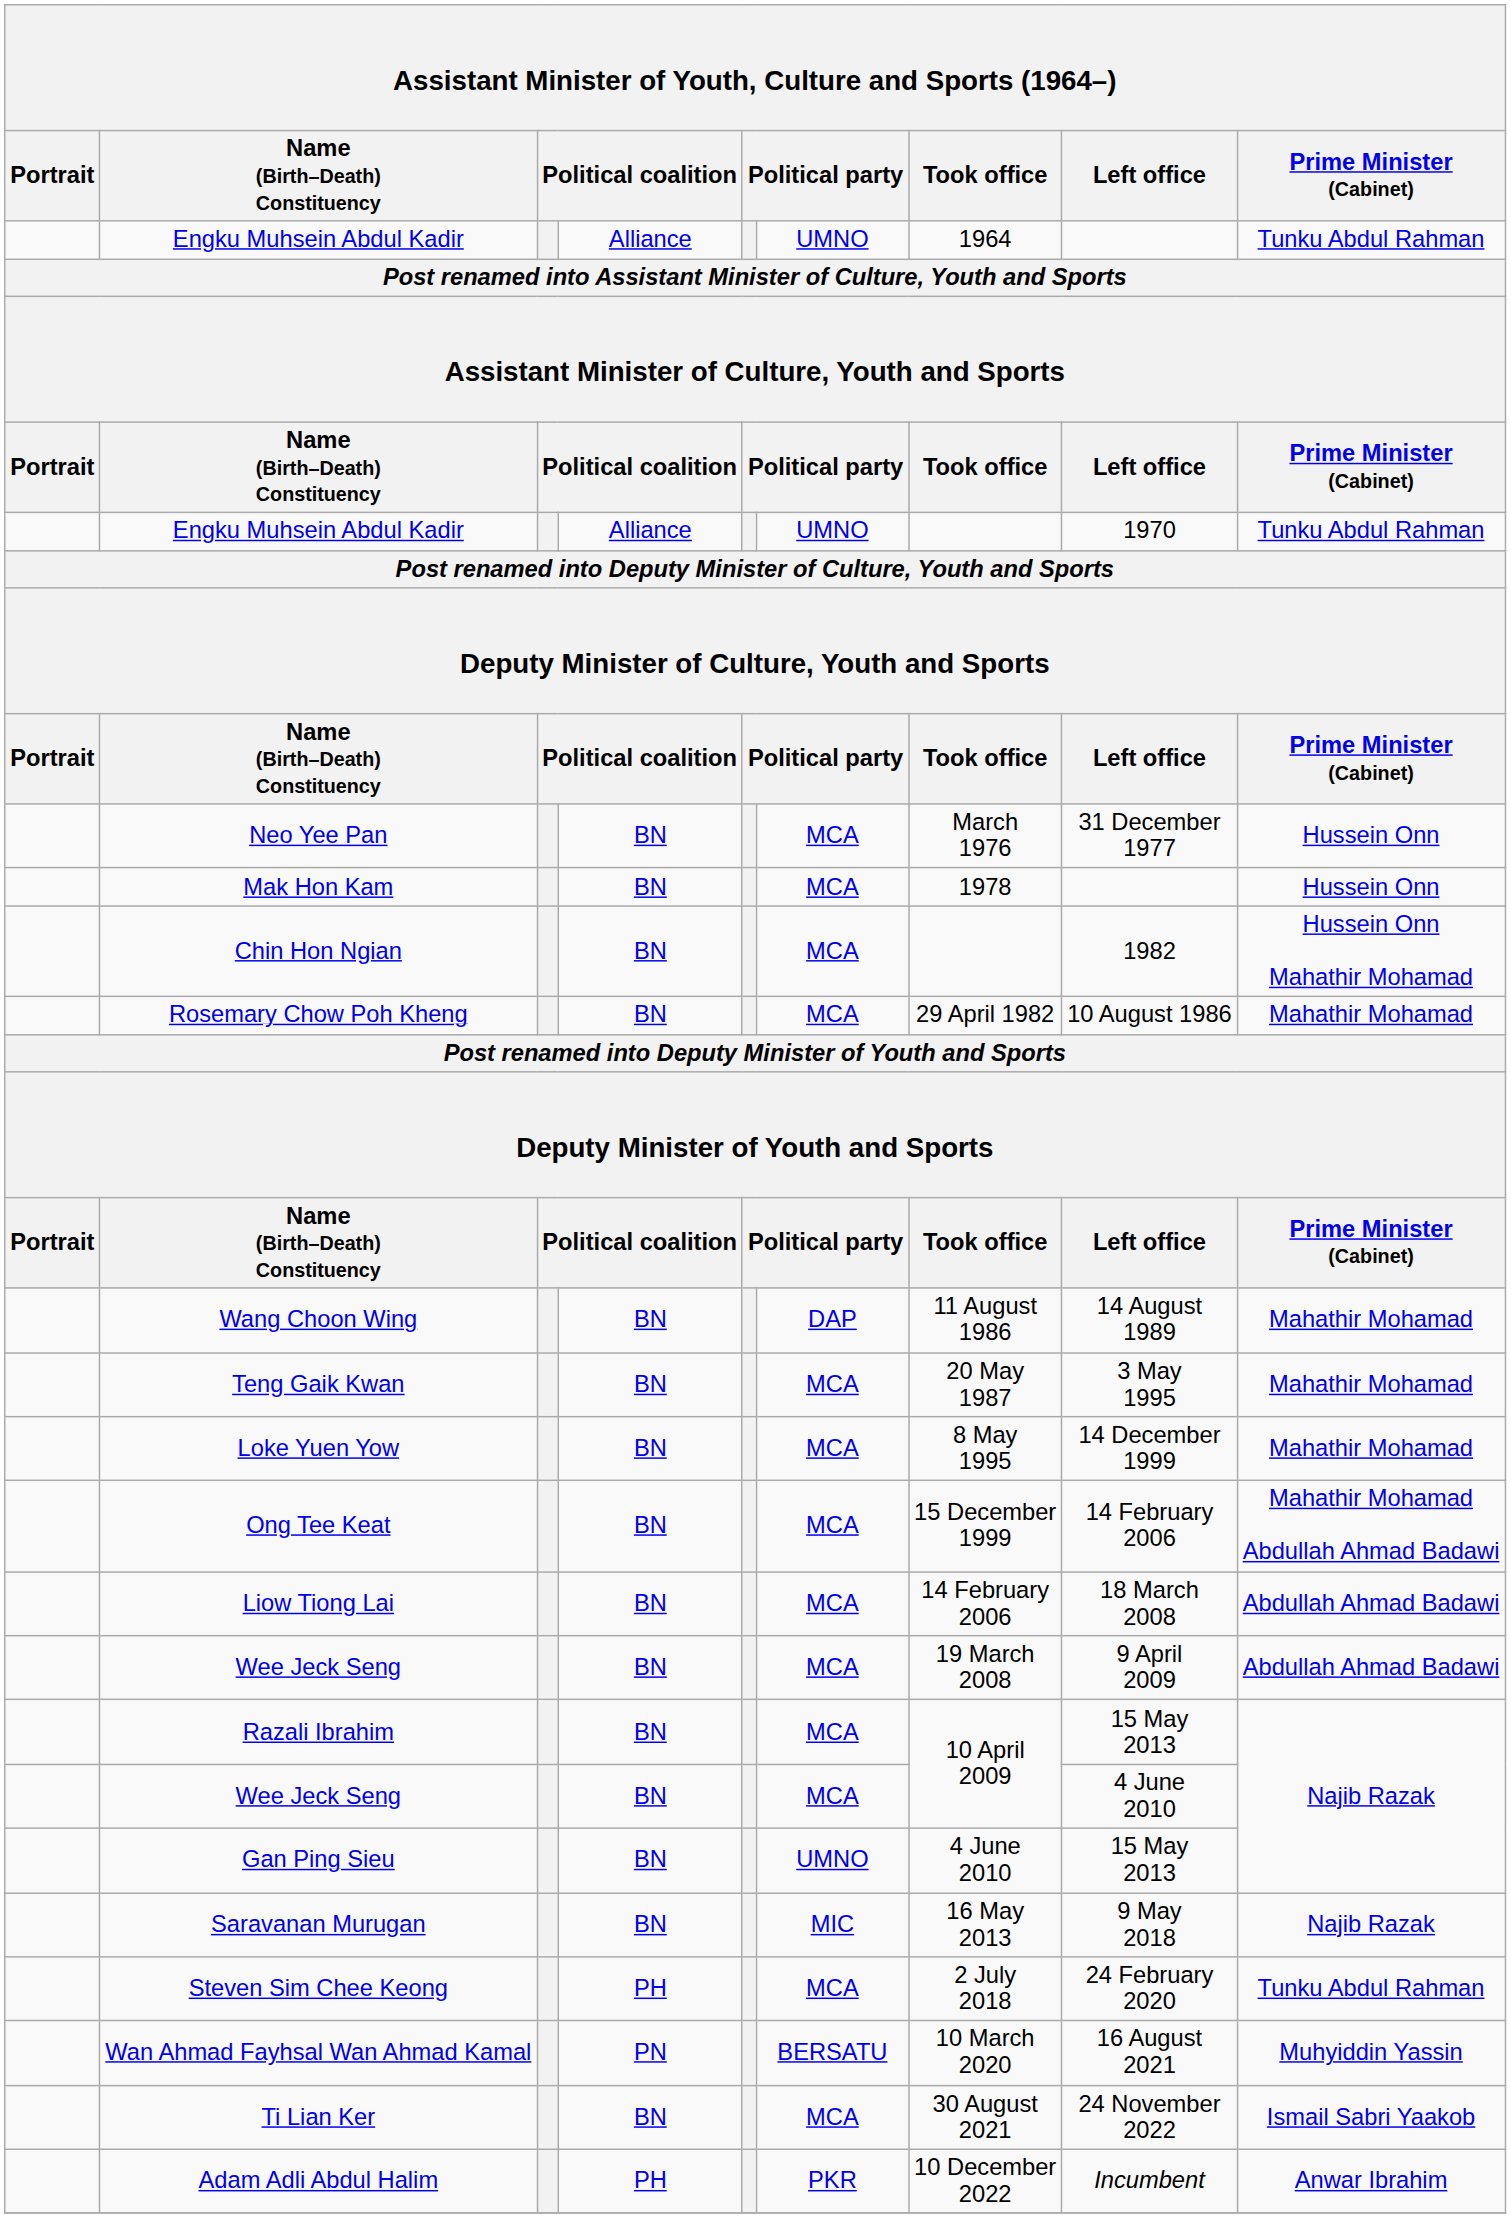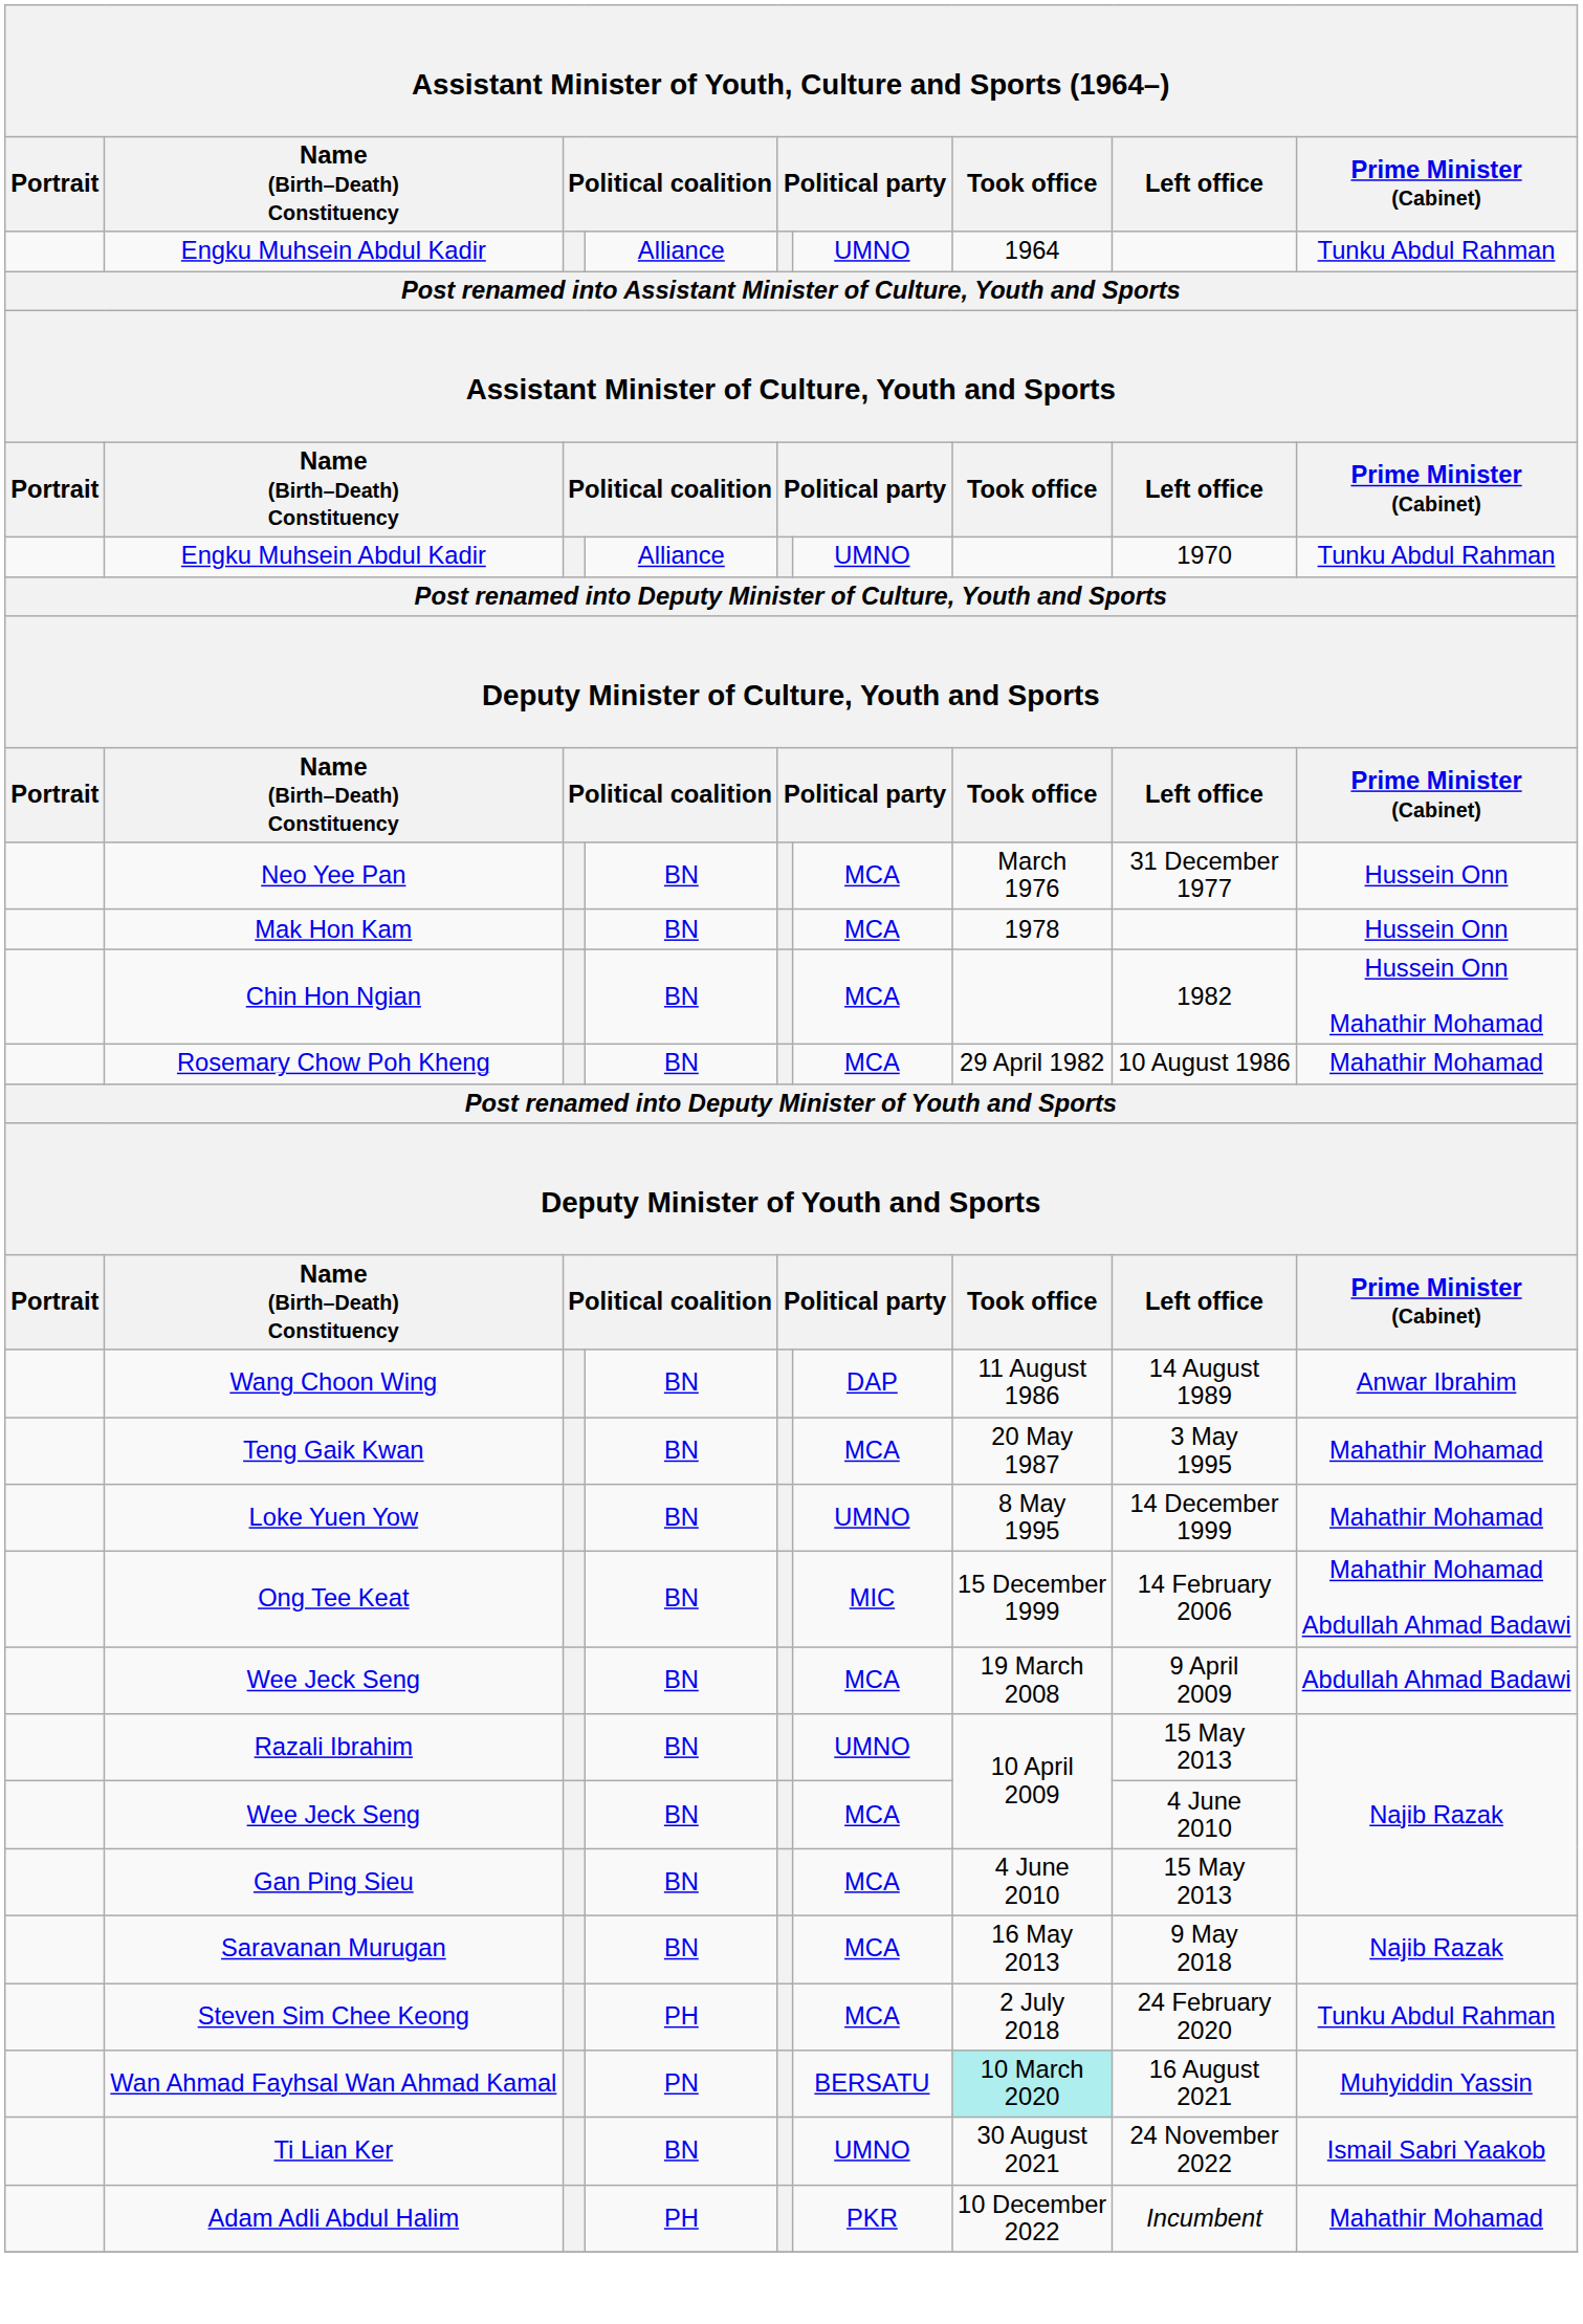 <table class="wikitable" style="text-align:center;">
 <tr>
 <th colspan="9"><br><h3>Assistant Minister of Youth, Culture and Sports (1964–)</h3></th>
 </tr>
 <tr>
 <th>Portrait</th>
 <th>Name<br><small>(Birth–Death)<br>Constituency</small></th>
 <th colspan="2">Political coalition</th>
 <th colspan="2">Political party</th>
 <th>Took office</th>
 <th>Left office</th>
 <th><a href='#'>Prime Minister</a><br><small>(Cabinet)</small></th>
 </tr>
 <tr>
 <td></td>
 <td><a href='#'>Engku Muhsein Abdul Kadir</a><br></td>
 <th style="background:"></th>
 <td><a href='#'>Alliance</a></td>
 <th style="background:"></th>
 <td><a href='#'>UMNO</a></td>
 <td>1964</td>
 <td></td>
 <td><a href='#'>Tunku Abdul Rahman</a><br></td>
 </tr>
 <tr>
 <th colspan="9"><em>Post renamed into Assistant Minister of Culture, Youth and Sports</em></th>
 </tr>
 <tr>
 <th colspan="9"><br><h3>Assistant Minister of Culture, Youth and Sports</h3></th>
 </tr>
 <tr>
 <th>Portrait</th>
 <th>Name<br><small>(Birth–Death)<br>Constituency</small></th>
 <th colspan="2">Political coalition</th>
 <th colspan="2">Political party</th>
 <th>Took office</th>
 <th>Left office</th>
 <th><a href='#'>Prime Minister</a><br><small>(Cabinet)</small></th>
 </tr>
 <tr>
 <td></td>
 <td><a href='#'>Engku Muhsein Abdul Kadir</a><br></td>
 <th style="background:"></th>
 <td><a href='#'>Alliance</a></td>
 <th style="background:"></th>
 <td><a href='#'>UMNO</a></td>
 <td></td>
 <td>1970</td>
 <td><a href='#'>Tunku Abdul Rahman</a><br></td>
 </tr>
 <tr>
 <th colspan="9"><em>Post renamed into Deputy Minister of Culture, Youth and Sports</em></th>
 </tr>
 <tr>
 <th colspan="9"><br><h3>Deputy Minister of Culture, Youth and Sports</h3></th>
 </tr>
 <tr>
 <th>Portrait</th>
 <th>Name<br><small>(Birth–Death)<br>Constituency</small></th>
 <th colspan="2">Political coalition</th>
 <th colspan="2">Political party</th>
 <th>Took office</th>
 <th>Left office</th>
 <th><a href='#'>Prime Minister</a><br><small>(Cabinet)</small></th>
 </tr>
 <tr>
 <td></td>
 <td><a href='#'>Neo Yee Pan</a><br></td>
 <th style="background:"></th>
 <td><a href='#'>BN</a></td>
 <th style="background:"></th>
 <td><a href='#'>MCA</a></td>
 <td>March<br>1976</td>
 <td>31 December<br>1977</td>
 <td><a href='#'>Hussein Onn</a><br></td>
 </tr>
 <tr>
 <td></td>
 <td><a href='#'>Mak Hon Kam</a><br></td>
 <th style="background:"></th>
 <td><a href='#'>BN</a></td>
 <th style="background:"></th>
 <td><a href='#'>MCA</a></td>
 <td>1978</td>
 <td></td>
 <td><a href='#'>Hussein Onn</a><br></td>
 </tr>
 <tr>
 <td></td>
 <td><a href='#'>Chin Hon Ngian</a><br></td>
 <th style="background:"></th>
 <td><a href='#'>BN</a></td>
 <th style="background:"></th>
 <td><a href='#'>MCA</a></td>
 <td></td>
 <td>1982</td>
 <td><a href='#'>Hussein Onn</a><br><br><a href='#'>Mahathir Mohamad</a><br></td>
 </tr>
 <tr>
 <td></td>
 <td><a href='#'>Rosemary Chow Poh Kheng</a><br></td>
 <th style="background:"></th>
 <td><a href='#'>BN</a></td>
 <th style="background:"></th>
 <td><a href='#'>MCA</a></td>
 <td>29 April 1982</td>
 <td>10 August 1986</td>
 <td><a href='#'>Mahathir Mohamad</a><br></td>
 </tr>
 <tr>
 <th colspan="9"><em>Post renamed into Deputy Minister of Youth and Sports</em></th>
 </tr>
 <tr>
 <th colspan="9"><br><h3>Deputy Minister of Youth and Sports</h3></th>
 </tr>
 <tr>
 <th>Portrait</th>
 <th>Name<br><small>(Birth–Death)<br>Constituency</small></th>
 <th colspan="2">Political coalition</th>
 <th colspan="2">Political party</th>
 <th>Took office</th>
 <th>Left office</th>
 <th><a href='#'>Prime Minister</a><br><small>(Cabinet)</small></th>
 </tr>
 <tr>
 <td></td>
 <td><a href='#'>Wang Choon Wing</a><br></td>
 <th style="background:"></th>
 <td><a href='#'>BN</a></td>
 <th style="background:"></th>
 <td><a href='#'>DAP</a></td>
 <td>11 August<br>1986</td>
 <td>14 August<br>1989</td>
-<td><a href='#'>Mahathir Mohamad</a><br></td>
+<td><a href='#'>Anwar Ibrahim</a><br></td>
 </tr>
 <tr>
 <td></td>
 <td><a href='#'>Teng Gaik Kwan</a><br></td>
 <th style="background:"></th>
 <td><a href='#'>BN</a></td>
 <th style="background:"></th>
 <td><a href='#'>MCA</a></td>
 <td>20 May<br>1987</td>
 <td>3 May<br>1995</td>
 <td><a href='#'>Mahathir Mohamad</a><br></td>
 </tr>
 <tr>
 <td></td>
 <td><a href='#'>Loke Yuen Yow</a><br></td>
 <th style="background:"></th>
 <td><a href='#'>BN</a></td>
 <th style="background:"></th>
-<td><a href='#'>MCA</a></td>
+<td><a href='#'>UMNO</a></td>
 <td>8 May<br>1995</td>
 <td>14 December<br>1999</td>
 <td><a href='#'>Mahathir Mohamad</a><br></td>
 </tr>
 <tr>
 <td></td>
 <td><a href='#'>Ong Tee Keat</a><br></td>
 <th style="background:"></th>
 <td><a href='#'>BN</a></td>
 <th style="background:"></th>
-<td><a href='#'>MCA</a></td>
+<td><a href='#'>MIC</a></td>
 <td>15 December<br>1999</td>
 <td>14 February<br>2006</td>
 <td><a href='#'>Mahathir Mohamad</a><br><br><a href='#'>Abdullah Ahmad Badawi</a><br></td>
-</tr>
-<tr>
-<td></td>
-<td><a href='#'>Liow Tiong Lai</a><br></td>
-<th style="background:"></th>
-<td><a href='#'>BN</a></td>
-<th style="background:"></th>
-<td><a href='#'>MCA</a></td>
-<td>14 February<br>2006</td>
-<td>18 March<br>2008</td>
-<td><a href='#'>Abdullah Ahmad Badawi</a><br></td>
 </tr>
 <tr>
 <td></td>
 <td><a href='#'>Wee Jeck Seng</a><br></td>
 <th style="background:"></th>
 <td><a href='#'>BN</a></td>
 <th style="background:"></th>
 <td><a href='#'>MCA</a></td>
 <td>19 March<br>2008</td>
 <td>9 April<br>2009</td>
 <td><a href='#'>Abdullah Ahmad Badawi</a><br></td>
 </tr>
 <tr>
 <td></td>
 <td><a href='#'>Razali Ibrahim</a><br></td>
 <th style="background:"></th>
 <td><a href='#'>BN</a></td>
 <th style="background:"></th>
-<td><a href='#'>MCA</a></td>
+<td><a href='#'>UMNO</a></td>
 <td rowspan=2>10 April<br>2009</td>
 <td>15 May<br>2013</td>
 <td rowspan=3><a href='#'>Najib Razak</a><br></td>
 </tr>
 <tr>
 <td></td>
 <td><a href='#'>Wee Jeck Seng</a><br></td>
 <th style="background:"></th>
 <td><a href='#'>BN</a></td>
 <th style="background:"></th>
 <td><a href='#'>MCA</a></td>
 <td>4 June<br>2010</td>
 </tr>
 <tr>
 <td></td>
 <td><a href='#'>Gan Ping Sieu</a><br></td>
 <th style="background:"></th>
 <td><a href='#'>BN</a></td>
 <th style="background:"></th>
-<td><a href='#'>UMNO</a></td>
+<td><a href='#'>MCA</a></td>
 <td>4 June<br>2010</td>
 <td>15 May<br>2013</td>
 </tr>
 <tr>
 <td></td>
 <td><a href='#'>Saravanan Murugan</a><br></td>
 <th style="background:"></th>
 <td><a href='#'>BN</a></td>
 <th style="background:"></th>
-<td><a href='#'>MIC</a></td>
+<td><a href='#'>MCA</a></td>
 <td>16 May<br>2013</td>
 <td>9 May<br>2018</td>
 <td><a href='#'>Najib Razak</a><br></td>
 </tr>
 <tr>
 <td></td>
 <td><a href='#'>Steven Sim Chee Keong</a><br></td>
 <th style="background:"></th>
 <td><a href='#'>PH</a></td>
 <th style="background:"></th>
 <td><a href='#'>MCA</a></td>
 <td>2 July<br>2018</td>
 <td>24 February<br>2020</td>
 <td><a href='#'>Tunku Abdul Rahman</a><br></td>
 </tr>
 <tr>
 <td></td>
 <td><a href='#'>Wan Ahmad Fayhsal Wan Ahmad Kamal</a><br></td>
 <th style="background:"></th>
 <td><a href='#'>PN</a></td>
 <th style="background:"></th>
 <td><a href='#'>BERSATU</a></td>
-<td>10 March<br>2020</td>
+<td style="background: paleturquoise;">10 March<br>2020</td>
 <td>16 August<br>2021</td>
 <td><a href='#'>Muhyiddin Yassin</a><br></td>
 </tr>
 <tr>
 <td></td>
 <td><a href='#'>Ti Lian Ker</a><br></td>
 <th style="background:"></th>
 <td><a href='#'>BN</a></td>
 <th style="background:"></th>
-<td><a href='#'>MCA</a></td>
+<td><a href='#'>UMNO</a></td>
 <td>30 August<br>2021</td>
 <td>24 November<br>2022</td>
 <td><a href='#'>Ismail Sabri Yaakob</a><br></td>
 </tr>
 <tr>
 <td></td>
 <td><a href='#'>Adam Adli Abdul Halim</a><br></td>
 <th style="background:"></th>
 <td><a href='#'>PH</a></td>
 <th style="background:"></th>
 <td><a href='#'>PKR</a></td>
 <td>10 December<br>2022</td>
 <td><em>Incumbent</em></td>
-<td><a href='#'>Anwar Ibrahim</a><br></td>
+<td><a href='#'>Mahathir Mohamad</a><br></td>
 </tr>
 <tr>
 </tr>
 </table>
